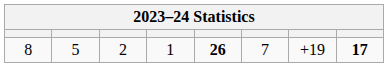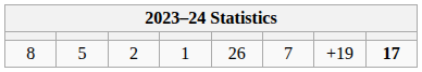 <table class="wikitable" style="text-align: center;">
 <tr>
 <th colspan=10><strong>2023–24 Statistics</strong></th>
 </tr>
 <tr>
 <th style="width: 40px;"></th>
 <th style="width: 40px;"></th>
 <th style="width: 40px;"></th>
 <th style="width: 40px;"></th>
 <th style="width: 40px;"></th>
 <th style="width: 40px;"></th>
 <th style="width: 40px;"></th>
 <th style="width: 40px;"></th>
 </tr>
 <tr>
 <td>8</td>
 <td>5</td>
 <td>2</td>
 <td>1</td>
-<td><strong>26</strong></td>
+<td>26</td>
 <td>7</td>
 <td>+19</td>
 <td><strong>17</strong></td>
 </tr>
 </table>
